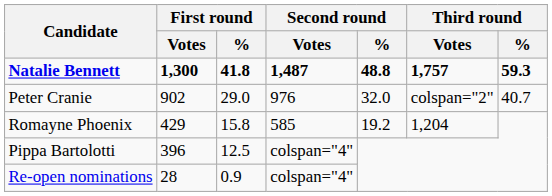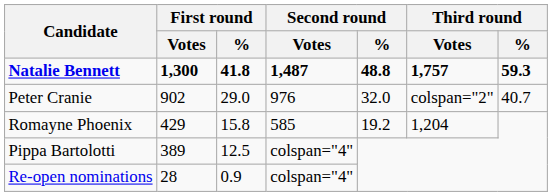 <table class="wikitable" text-align:right"|>
 <tr>
 <th rowspan=2>Candidate</th>
 <th colspan="2">First round</th>
 <th colspan="2">Second round</th>
 <th colspan="2">Third round</th>
 </tr>
 <tr>
 <th style="width: 50px">Votes</th>
 <th style="width: 40px">%</th>
 <th style="width: 50px">Votes</th>
 <th style="width: 40px">%</th>
 <th style="width: 50px">Votes</th>
 <th style="width: 40px">%</th>
 </tr>
 <tr>
 <td><strong><a href='#'>Natalie Bennett</a></strong></td>
 <td><strong>1,300</strong></td>
 <td><strong>41.8</strong></td>
 <td><strong>1,487</strong></td>
 <td><strong>48.8</strong></td>
 <td><strong>1,757</strong></td>
 <td><strong>59.3</strong></td>
 </tr>
 <tr>
 <td>Peter Cranie</td>
 <td>902</td>
 <td>29.0</td>
 <td>976</td>
 <td>32.0</td>
 <td>colspan="2" </td>
 <td>40.7</td>
 </tr>
 <tr>
 <td>Romayne Phoenix</td>
 <td>429</td>
 <td>15.8</td>
 <td>585</td>
 <td>19.2</td>
 <td>1,204</td>
 </tr>
 <tr>
 <td>Pippa Bartolotti</td>
-<td>396</td>
+<td>389</td>
 <td>12.5</td>
 <td>colspan="4" </td>
 </tr>
 <tr>
 <td><a href='#'>Re-open nominations</a></td>
 <td>28</td>
 <td>0.9</td>
 <td>colspan="4" </td>
 </tr>
 </table>
